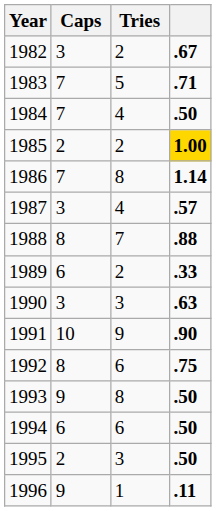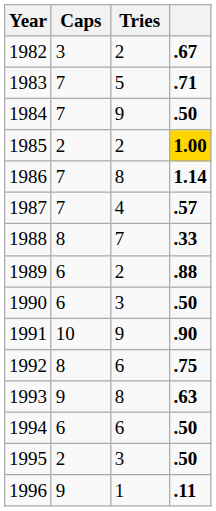 <table class="wikitable" style="font-size:95%;" style="text-align:center">
 <tr>
 <th>Year</th>
 <th align=center width="40">Caps</th>
 <th align=center width="40">Tries</th>
 <th></th>
 </tr>
 <tr>
 <td>1982</td>
 <td>3</td>
 <td>2</td>
 <td><strong>.67</strong></td>
 </tr>
 <tr>
 <td>1983</td>
 <td>7</td>
 <td>5</td>
 <td><strong>.71</strong></td>
 </tr>
 <tr>
 <td>1984</td>
 <td>7</td>
-<td>4</td>
+<td>9</td>
 <td><strong>.50</strong></td>
 </tr>
 <tr>
 <td>1985</td>
 <td>2</td>
 <td>2</td>
 <td style="background: gold;"><strong>1.00</strong></td>
 </tr>
 <tr>
 <td>1986</td>
 <td>7</td>
 <td>8</td>
 <td><strong>1.14</strong></td>
 </tr>
 <tr>
 <td>1987</td>
-<td>3</td>
+<td>7</td>
 <td>4</td>
 <td><strong>.57</strong></td>
 </tr>
 <tr>
 <td>1988</td>
 <td>8</td>
 <td>7</td>
-<td><strong>.88</strong></td>
+<td><strong>.33</strong></td>
 </tr>
 <tr>
 <td>1989</td>
 <td>6</td>
 <td>2</td>
-<td><strong>.33</strong></td>
+<td><strong>.88</strong></td>
 </tr>
 <tr>
 <td>1990</td>
+<td>6</td>
 <td>3</td>
-<td>3</td>
-<td><strong>.63</strong></td>
+<td><strong>.50</strong></td>
 </tr>
 <tr>
 <td>1991</td>
 <td>10</td>
 <td>9</td>
 <td><strong>.90</strong></td>
 </tr>
 <tr>
 <td>1992</td>
 <td>8</td>
 <td>6</td>
 <td><strong>.75</strong></td>
 </tr>
 <tr>
 <td>1993</td>
 <td>9</td>
 <td>8</td>
-<td><strong>.50</strong></td>
+<td><strong>.63</strong></td>
 </tr>
 <tr>
 <td>1994</td>
 <td>6</td>
 <td>6</td>
 <td><strong>.50</strong></td>
 </tr>
 <tr>
 <td>1995</td>
 <td>2</td>
 <td>3</td>
 <td><strong>.50</strong></td>
 </tr>
 <tr>
 <td>1996</td>
 <td>9</td>
 <td>1</td>
 <td><strong>.11</strong></td>
 </tr>
 </table>
